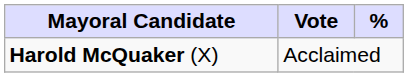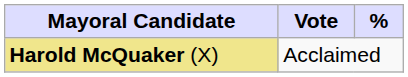 <table class="wikitable">
 <tr>
 <th style="background:#ddf; width:200px;">Mayoral Candidate</th>
 <th style="background:#ddf; width:50px;">Vote</th>
 <th style="background:#ddf; width:30px;">%</th>
 </tr>
 <tr>
-<td><strong>Harold McQuaker</strong> (X)</td>
+<td style="background: khaki;"><strong>Harold McQuaker</strong> (X)</td>
 <td colspan="2">Acclaimed</td>
 </tr>
 </table>
